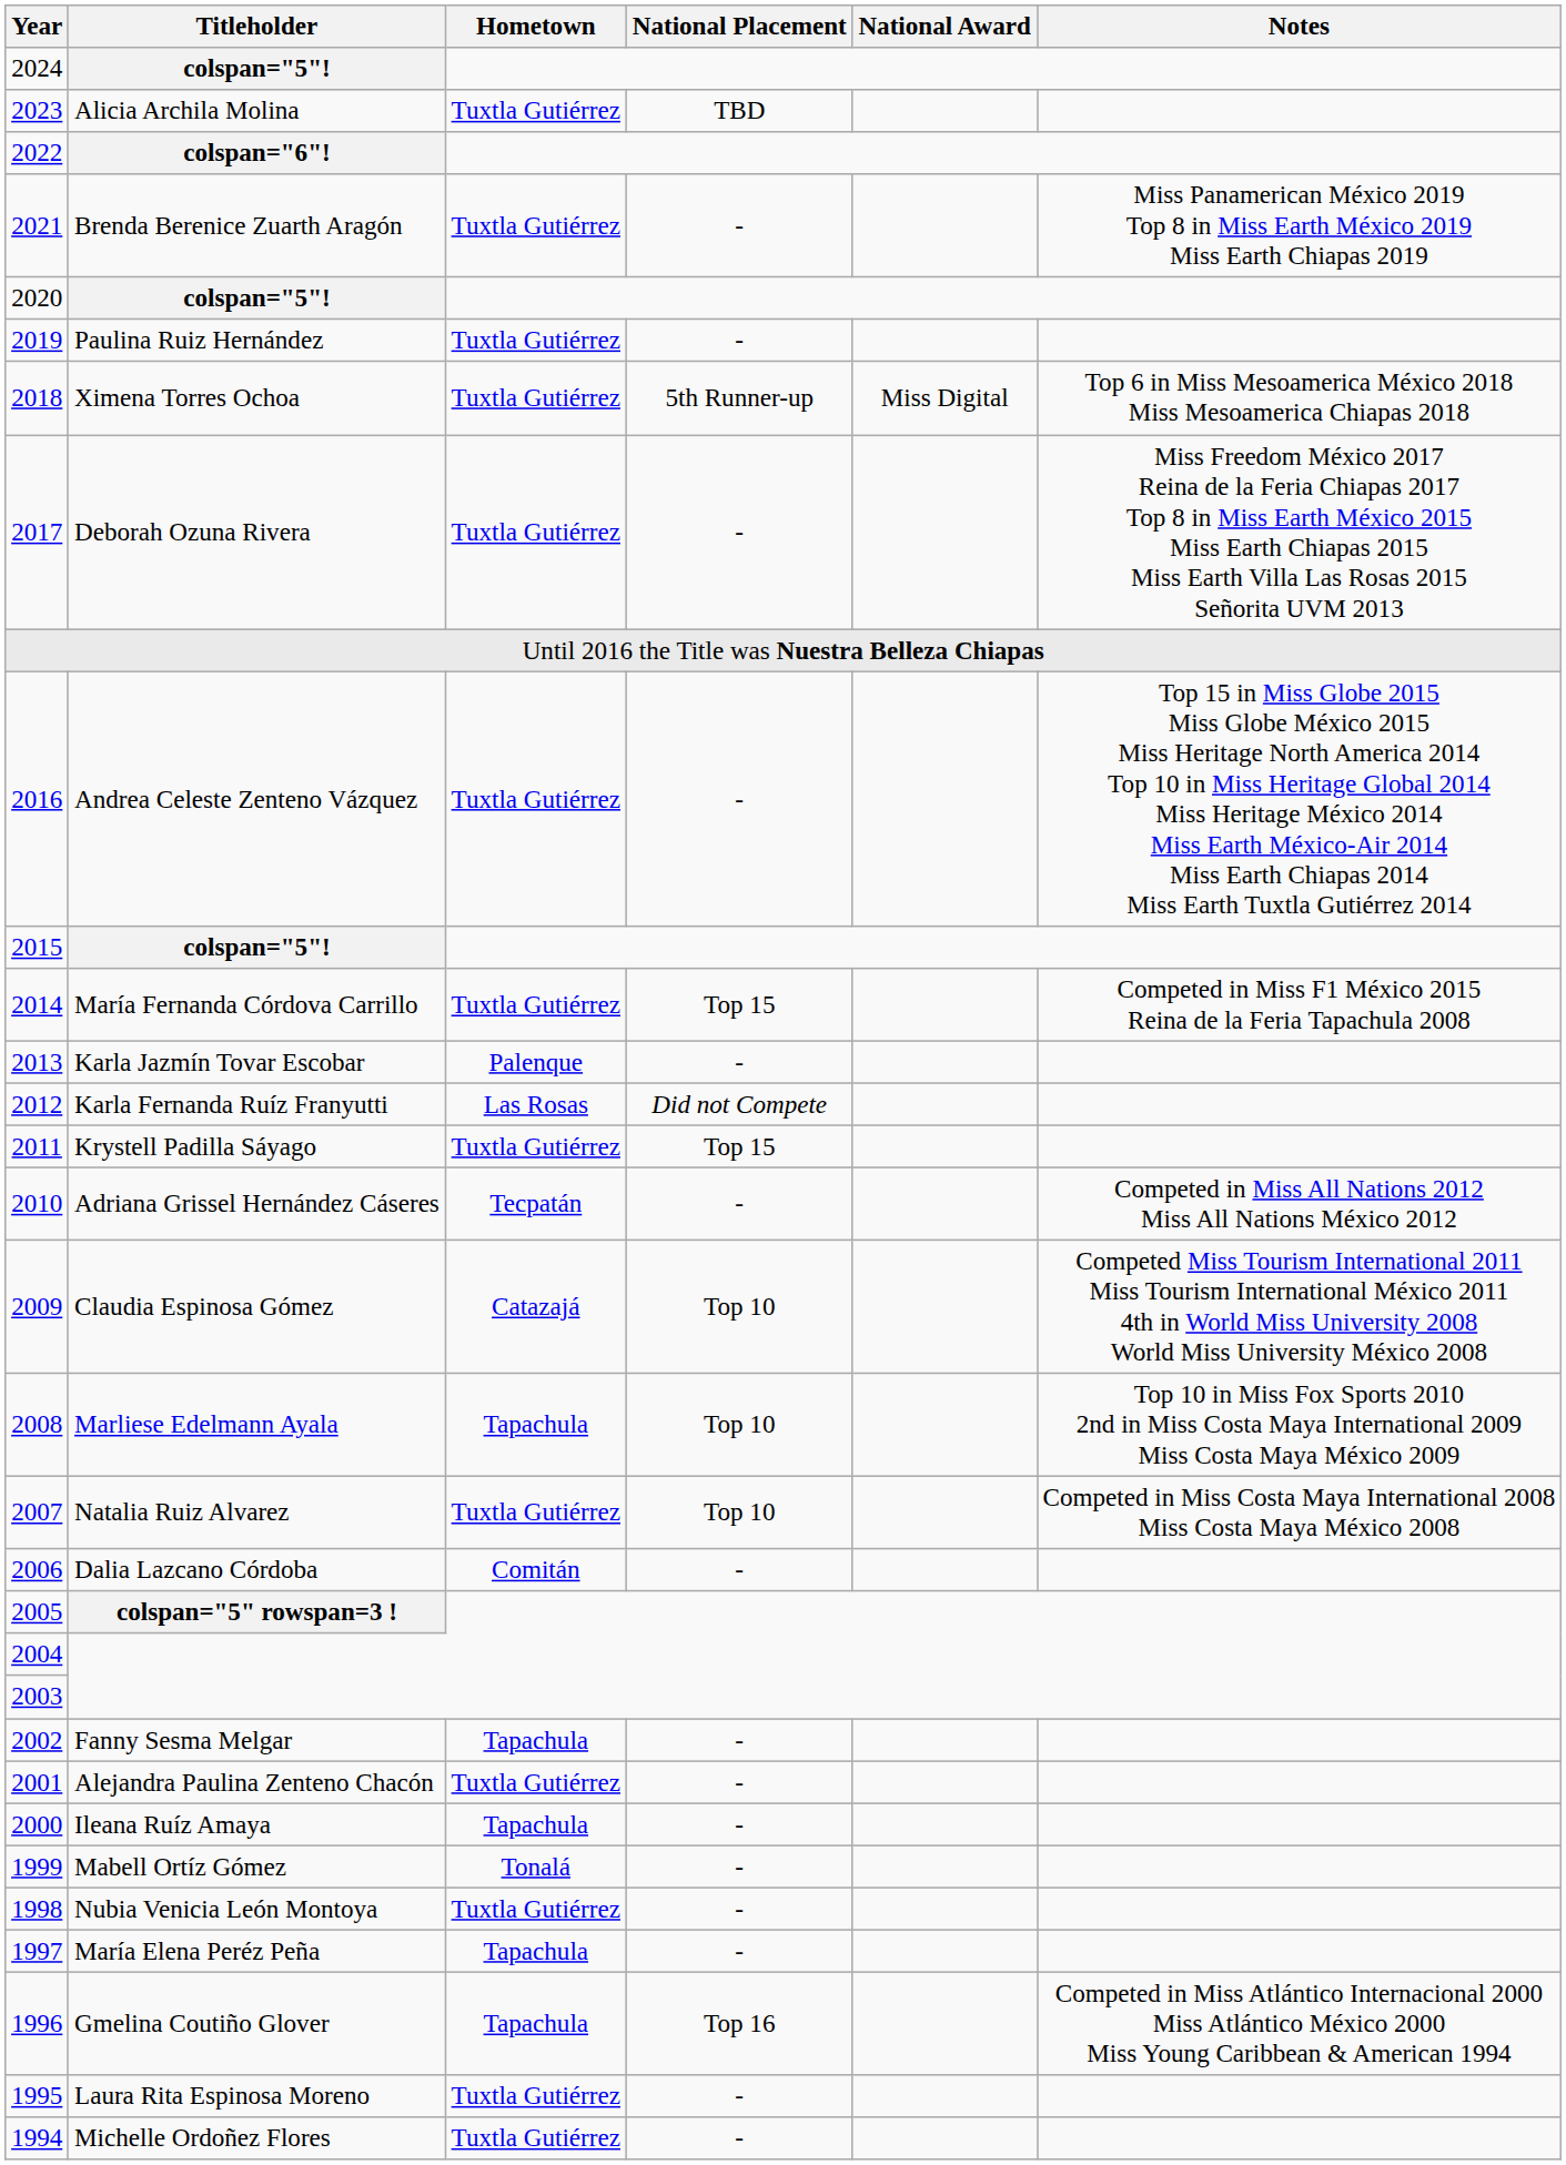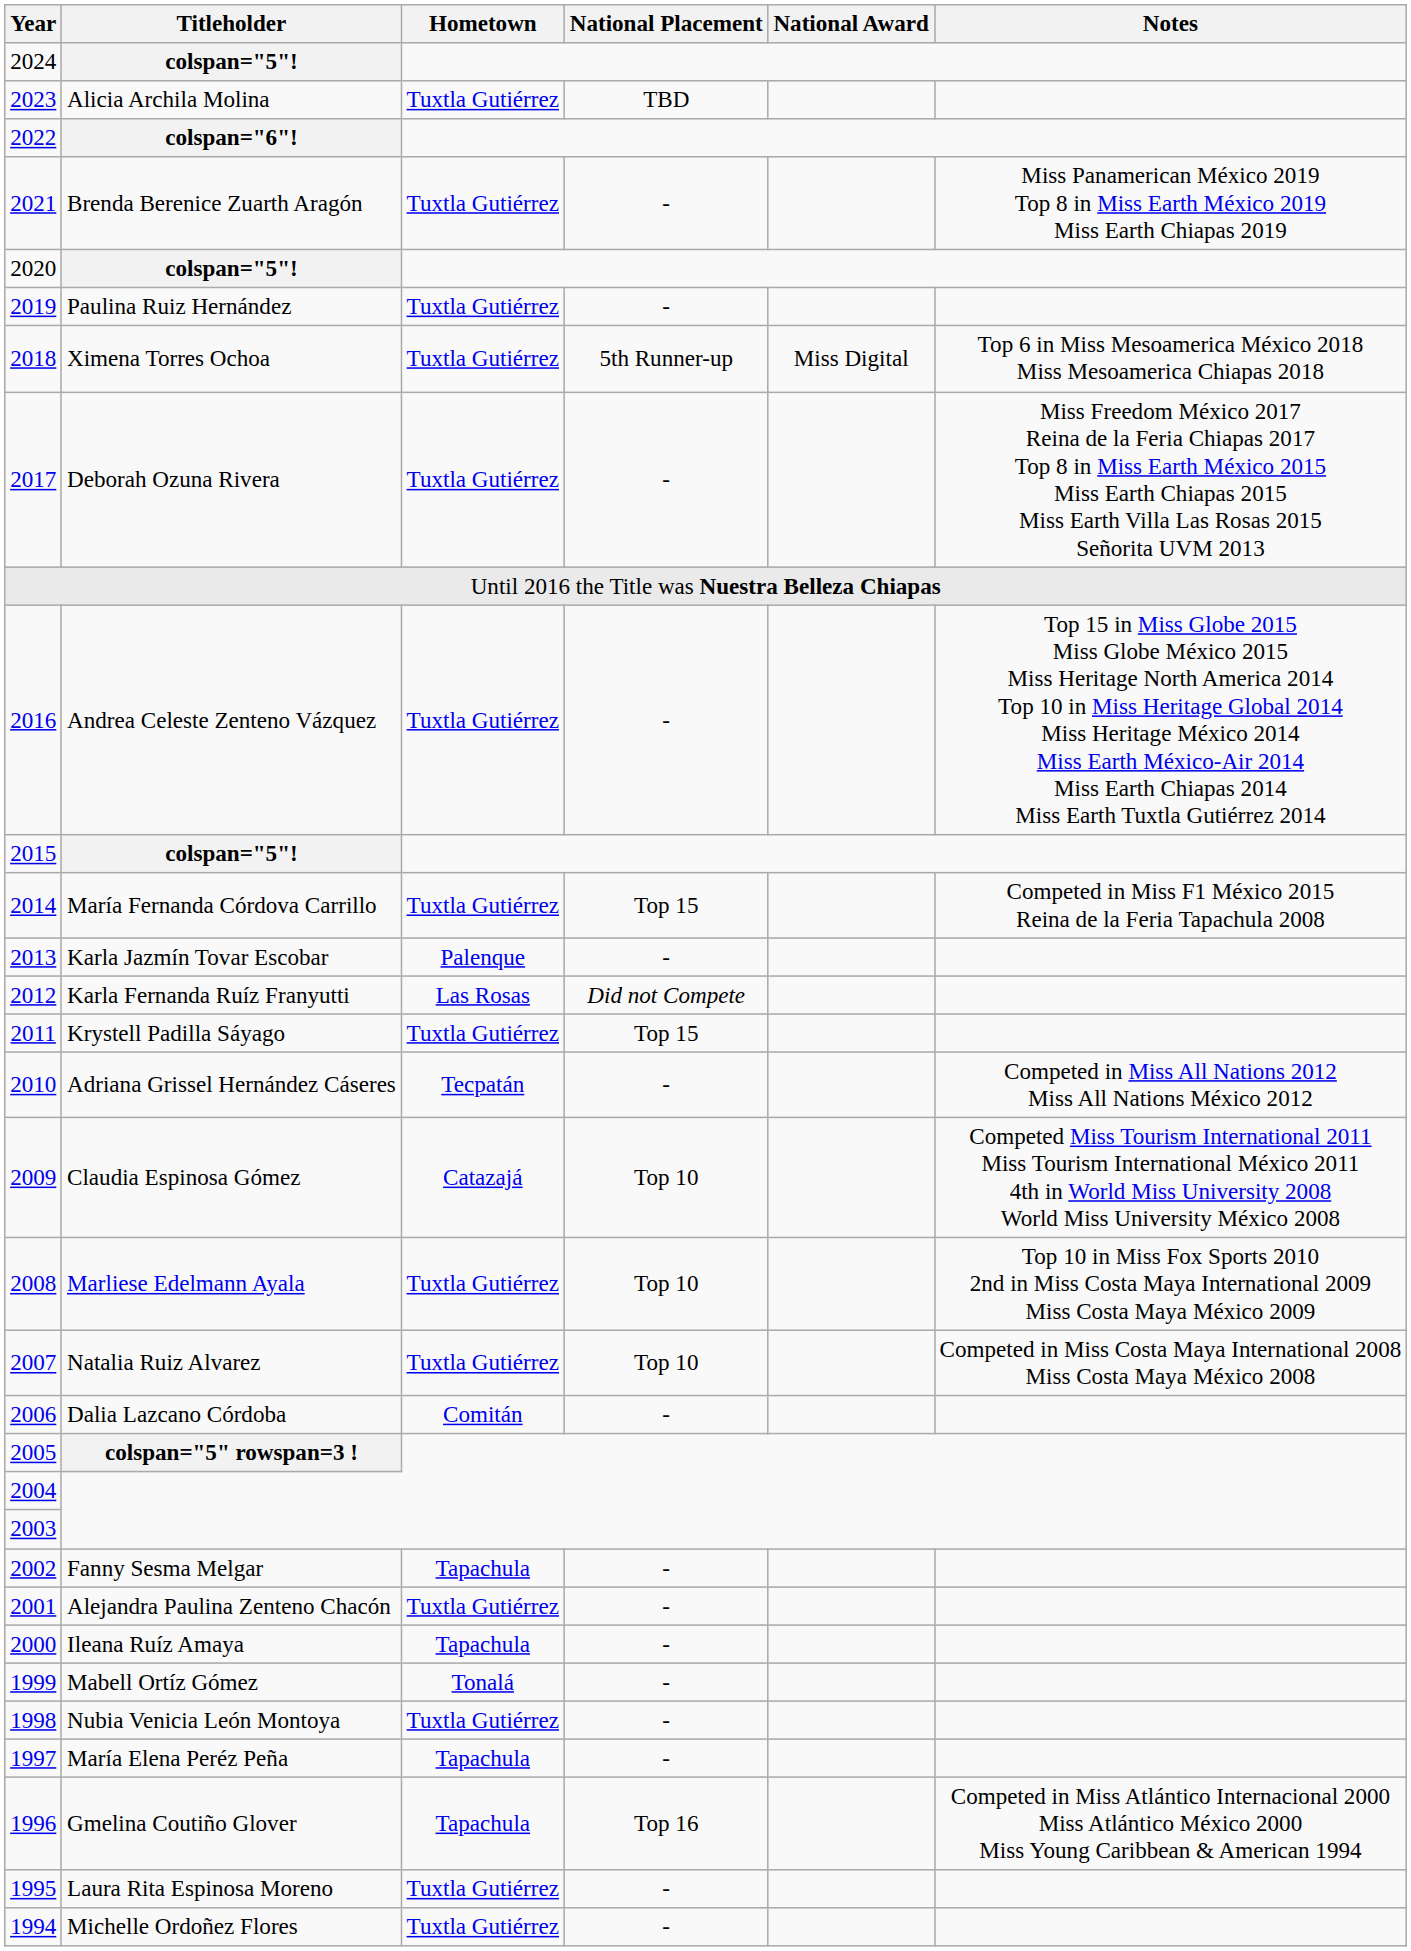 <table class="wikitable sortable" style="font-size:95%;">
 <tr>
 <th>Year</th>
 <th>Titleholder</th>
 <th>Hometown</th>
 <th>National Placement</th>
 <th>National Award</th>
 <th>Notes</th>
 </tr>
 <tr>
 <td align="center">2024</td>
 <th>colspan="5"!</th>
 </tr>
 <tr>
 <td align="center"><a href='#'>2023</a></td>
 <td>Alicia Archila Molina</td>
 <td align="center"><a href='#'>Tuxtla Gutiérrez</a></td>
 <td align="center">TBD</td>
 <td align="center"></td>
 <td align="center"></td>
 </tr>
 <tr>
 <td align="center"><a href='#'>2022</a></td>
 <th>colspan="6"!</th>
 </tr>
 <tr>
 <td align="center"><a href='#'>2021</a></td>
 <td>Brenda Berenice Zuarth Aragón</td>
 <td align="center"><a href='#'>Tuxtla Gutiérrez</a></td>
 <td align="center">-</td>
 <td align="center"></td>
 <td align="center">Miss Panamerican México 2019<br>Top 8 in <a href='#'>Miss Earth México 2019</a><br>Miss Earth Chiapas 2019</td>
 </tr>
 <tr>
 <td align="center">2020</td>
 <th>colspan="5"!</th>
 </tr>
 <tr>
 <td align="center"><a href='#'>2019</a></td>
 <td>Paulina Ruiz Hernández</td>
 <td align="center"><a href='#'>Tuxtla Gutiérrez</a></td>
 <td align="center">-</td>
 <td align="center"></td>
 <td align="center"></td>
 </tr>
 <tr>
 <td align="center"><a href='#'>2018</a></td>
 <td>Ximena Torres Ochoa</td>
 <td align="center"><a href='#'>Tuxtla Gutiérrez</a></td>
 <td align="center">5th Runner-up</td>
 <td align="center">Miss Digital</td>
 <td align="center">Top 6 in Miss Mesoamerica México 2018<br>Miss Mesoamerica Chiapas 2018</td>
 </tr>
 <tr>
 <td align="center"><a href='#'>2017</a></td>
 <td>Deborah Ozuna Rivera</td>
 <td align="center"><a href='#'>Tuxtla Gutiérrez</a></td>
 <td align="center">-</td>
 <td align="center"></td>
 <td align="center">Miss Freedom México 2017<br>Reina de la Feria Chiapas 2017<br>Top 8 in <a href='#'>Miss Earth México 2015</a><br>Miss Earth Chiapas 2015<br>Miss Earth Villa Las Rosas 2015<br>Señorita UVM 2013</td>
 </tr>
 <tr>
 <td colspan="6" bgcolor="#EAEAEA" style="text-align:center;">Until 2016 the Title was <strong>Nuestra Belleza Chiapas</strong></td>
 </tr>
 <tr>
 <td align="center"><a href='#'>2016</a></td>
 <td>Andrea Celeste Zenteno Vázquez</td>
 <td align="center"><a href='#'>Tuxtla Gutiérrez</a></td>
 <td align="center">-</td>
 <td align="center"></td>
 <td align="center">Top 15 in <a href='#'>Miss Globe 2015</a><br>Miss Globe México 2015<br>Miss Heritage North America 2014<br>Top 10 in <a href='#'>Miss Heritage Global 2014</a><br>Miss Heritage México 2014<br><a href='#'>Miss Earth México-Air 2014</a><br>Miss Earth Chiapas 2014<br>Miss Earth Tuxtla Gutiérrez 2014</td>
 </tr>
 <tr>
 <td align="center"><a href='#'>2015</a></td>
 <th>colspan="5"!</th>
 </tr>
 <tr>
 <td align="center"><a href='#'>2014</a></td>
 <td>María Fernanda Córdova Carrillo</td>
 <td align="center"><a href='#'>Tuxtla Gutiérrez</a></td>
 <td align="center">Top 15</td>
 <td align="center"></td>
 <td align="center">Competed in Miss F1 México 2015<br>Reina de la Feria Tapachula 2008</td>
 </tr>
 <tr>
 <td align="center"><a href='#'>2013</a></td>
 <td>Karla Jazmín Tovar Escobar</td>
 <td align="center"><a href='#'>Palenque</a></td>
 <td align="center">-</td>
 <td align="center"></td>
 <td align="center"></td>
 </tr>
 <tr>
 <td align="center"><a href='#'>2012</a></td>
 <td>Karla Fernanda Ruíz Franyutti</td>
 <td align="center"><a href='#'>Las Rosas</a></td>
 <td align="center"><em>Did not Compete</em></td>
 <td align="center"></td>
 <td align="center"></td>
 </tr>
 <tr>
 <td align="center"><a href='#'>2011</a></td>
 <td>Krystell Padilla Sáyago</td>
 <td align="center"><a href='#'>Tuxtla Gutiérrez</a></td>
 <td align="center">Top 15</td>
 <td align="center"></td>
 <td align="center"></td>
 </tr>
 <tr>
 <td align="center"><a href='#'>2010</a></td>
 <td>Adriana Grissel Hernández Cáseres</td>
 <td align="center"><a href='#'>Tecpatán</a></td>
 <td align="center">-</td>
 <td align="center"></td>
 <td align="center">Competed in <a href='#'>Miss All Nations 2012</a><br>Miss All Nations México 2012</td>
 </tr>
 <tr>
 <td align="center"><a href='#'>2009</a></td>
 <td>Claudia Espinosa Gómez</td>
 <td align="center"><a href='#'>Catazajá</a></td>
 <td align="center">Top 10</td>
 <td align="center"></td>
 <td align="center">Competed <a href='#'>Miss Tourism International 2011</a><br>Miss Tourism International México 2011<br>4th in <a href='#'>World Miss University 2008</a><br>World Miss University México 2008</td>
 </tr>
 <tr>
 <td align="center"><a href='#'>2008</a></td>
 <td><a href='#'>Marliese Edelmann Ayala</a></td>
-<td align="center"><a href='#'>Tapachula</a></td>
+<td align="center"><a href='#'>Tuxtla Gutiérrez</a></td>
 <td align="center">Top 10</td>
 <td align="center"></td>
 <td align="center">Top 10 in Miss Fox Sports 2010<br>2nd in Miss Costa Maya International 2009<br>Miss Costa Maya México 2009</td>
 </tr>
 <tr>
 <td align="center"><a href='#'>2007</a></td>
 <td>Natalia Ruiz Alvarez</td>
 <td align="center"><a href='#'>Tuxtla Gutiérrez</a></td>
 <td align="center">Top 10</td>
 <td align="center"></td>
 <td align="center">Competed in Miss Costa Maya International 2008<br>Miss Costa Maya México 2008</td>
 </tr>
 <tr>
 <td align="center"><a href='#'>2006</a></td>
 <td>Dalia Lazcano Córdoba</td>
 <td align="center"><a href='#'>Comitán</a></td>
 <td align="center">-</td>
 <td align="center"></td>
 <td align="center"></td>
 </tr>
 <tr>
 <td align="center"><a href='#'>2005</a></td>
 <th>colspan="5" rowspan=3 !</th>
 </tr>
 <tr>
 <td align="center"><a href='#'>2004</a></td>
 </tr>
 <tr>
 <td align="center"><a href='#'>2003</a></td>
 </tr>
 <tr>
 <td align="center"><a href='#'>2002</a></td>
 <td>Fanny Sesma Melgar</td>
 <td align="center"><a href='#'>Tapachula</a></td>
 <td align="center">-</td>
 <td align="center"></td>
 <td align="center"></td>
 </tr>
 <tr>
 <td align="center"><a href='#'>2001</a></td>
 <td>Alejandra Paulina Zenteno Chacón</td>
 <td align="center"><a href='#'>Tuxtla Gutiérrez</a></td>
 <td align="center">-</td>
 <td align="center"></td>
 <td align="center"></td>
 </tr>
 <tr>
 <td align="center"><a href='#'>2000</a></td>
 <td>Ileana Ruíz Amaya</td>
 <td align="center"><a href='#'>Tapachula</a></td>
 <td align="center">-</td>
 <td align="center"></td>
 <td align="center"></td>
 </tr>
 <tr>
 <td align="center"><a href='#'>1999</a></td>
 <td>Mabell Ortíz Gómez</td>
 <td align="center"><a href='#'>Tonalá</a></td>
 <td align="center">-</td>
 <td align="center"></td>
 <td align="center"></td>
 </tr>
 <tr>
 <td align="center"><a href='#'>1998</a></td>
 <td>Nubia Venicia León Montoya</td>
 <td align="center"><a href='#'>Tuxtla Gutiérrez</a></td>
 <td align="center">-</td>
 <td align="center"></td>
 <td align="center"></td>
 </tr>
 <tr>
 <td align="center"><a href='#'>1997</a></td>
 <td>María Elena Peréz Peña</td>
 <td align="center"><a href='#'>Tapachula</a></td>
 <td align="center">-</td>
 <td align="center"></td>
 <td align="center"></td>
 </tr>
 <tr>
 <td align="center"><a href='#'>1996</a></td>
 <td>Gmelina Coutiño Glover</td>
 <td align="center"><a href='#'>Tapachula</a></td>
 <td align="center">Top 16</td>
 <td align="center"></td>
 <td align="center">Competed in Miss Atlántico Internacional 2000<br>Miss Atlántico México 2000<br>Miss Young Caribbean & American 1994</td>
 </tr>
 <tr>
 <td align="center"><a href='#'>1995</a></td>
 <td>Laura Rita Espinosa Moreno</td>
 <td align="center"><a href='#'>Tuxtla Gutiérrez</a></td>
 <td align="center">-</td>
 <td align="center"></td>
 <td align="center"></td>
 </tr>
 <tr>
 <td align="center"><a href='#'>1994</a></td>
 <td>Michelle Ordoñez Flores</td>
 <td align="center"><a href='#'>Tuxtla Gutiérrez</a></td>
 <td align="center">-</td>
 <td align="center"></td>
 <td align="center"></td>
 </tr>
 </table>
